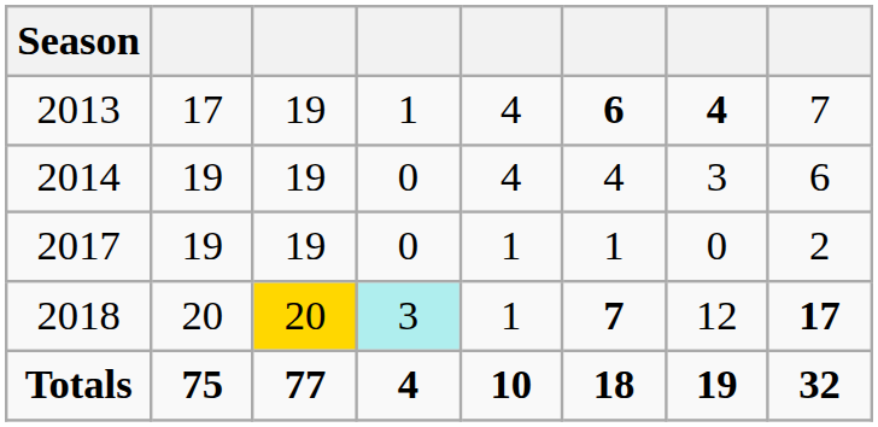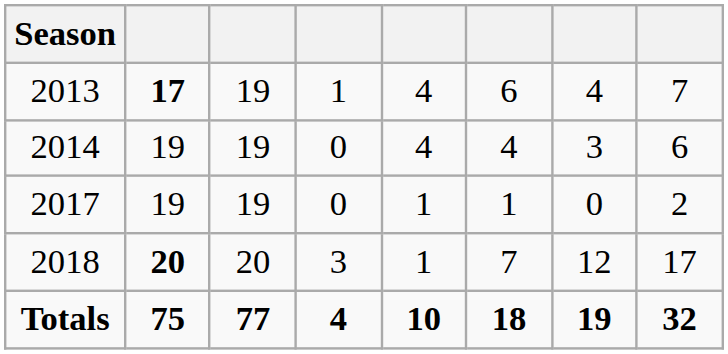 <table class="wikitable plainrowheaders sortable" style="font-size:90%; text-align:center;">
 <tr>
 <th scope="col" style="width:3em">Season</th>
 <th rowspan="1" scope="col" style="width:2em"></th>
 <th rowspan="1" scope="col" style="width:2em"></th>
 <th rowspan="1" scope="col" style="width:2em"></th>
 <th rowspan="1" scope="col" style="width:2em"></th>
 <th rowspan="1" scope="col" style="width:2em"></th>
 <th rowspan="1" scope="col" style="width:2em"></th>
 <th rowspan="1" scope="col" style="width:2em"></th>
 </tr>
 <tr>
 <td>2013</td>
-<td>17</td>
+<td><strong>17</strong></td>
 <td>19</td>
 <td>1</td>
 <td>4</td>
-<td><strong>6</strong></td>
-<td><strong>4</strong></td>
+<td>6</td>
+<td>4</td>
 <td>7</td>
 </tr>
 <tr>
 <td>2014</td>
 <td>19</td>
 <td>19</td>
 <td>0</td>
 <td>4</td>
 <td>4</td>
 <td>3</td>
 <td>6</td>
 </tr>
 <tr>
 <td>2017</td>
 <td>19</td>
 <td>19</td>
 <td>0</td>
 <td>1</td>
 <td>1</td>
 <td>0</td>
 <td>2</td>
 </tr>
 <tr>
 <td>2018</td>
+<td><strong>20</strong></td>
 <td>20</td>
-<td style="background: gold;">20</td>
-<td style="background: paleturquoise;">3</td>
+<td>3</td>
 <td>1</td>
-<td><strong>7</strong></td>
+<td>7</td>
 <td>12</td>
-<td><strong>17</strong></td>
+<td>17</td>
 </tr>
 <tr>
 <td><strong>Totals</strong></td>
 <td><strong>75</strong></td>
 <td><strong>77</strong></td>
 <td><strong>4</strong></td>
 <td><strong>10</strong></td>
 <td><strong>18</strong></td>
 <td><strong>19</strong></td>
 <td><strong>32</strong></td>
 </tr>
 </table>
